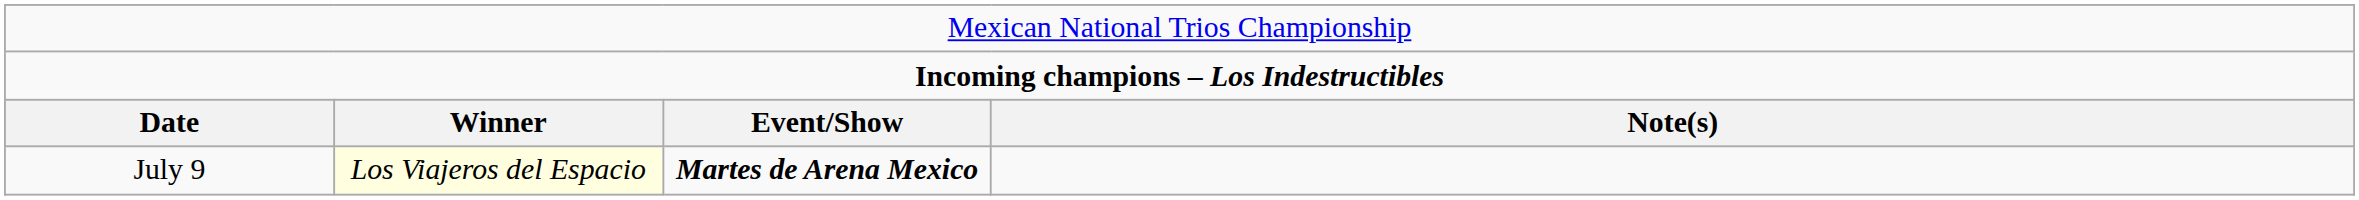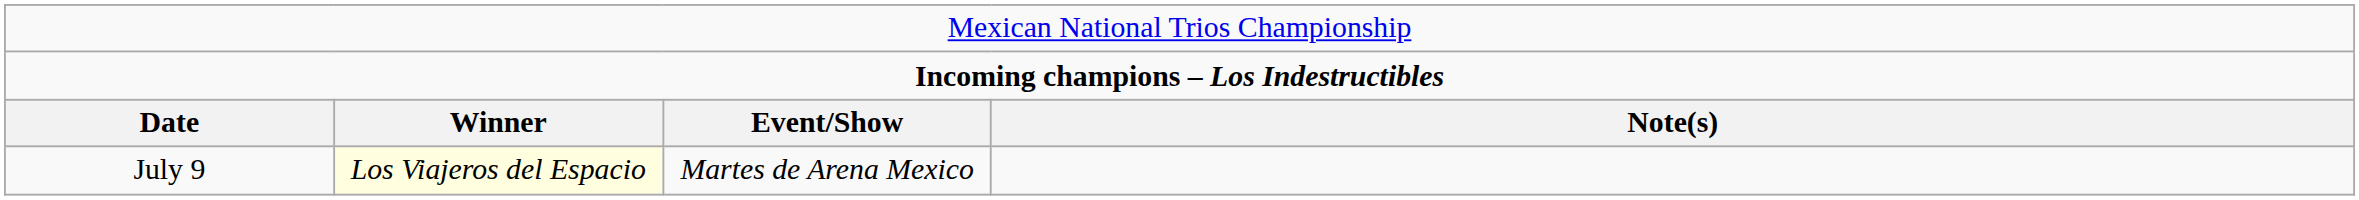 <table class="wikitable" style="text-align:center; width:100%;">
 <tr>
 <td colspan="4" style="text-align: center;"><a href='#'>Mexican National Trios Championship</a></td>
 </tr>
 <tr>
 <td colspan="4" style="text-align: center;"><strong>Incoming champions – <em>Los Indestructibles</em> </strong></td>
 </tr>
 <tr>
 <th width=14%>Date</th>
 <th width=14%>Winner</th>
 <th width=14%>Event/Show</th>
 <th width=58%>Note(s)</th>
 </tr>
 <tr>
 <td>July 9</td>
 <td style="background: lightyellow;"><em>Los Viajeros del Espacio</em><br></td>
-<td><strong><em>Martes de Arena Mexico</em></strong></td>
+<td><em>Martes de Arena Mexico</em></td>
 <td></td>
 </tr>
 </table>
